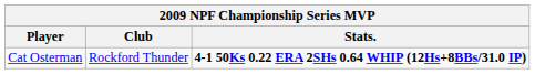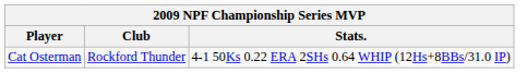 <table class="wikitable">
 <tr>
 <th colspan=3>2009 NPF Championship Series MVP</th>
 </tr>
 <tr>
 <th>Player</th>
 <th>Club</th>
 <th>Stats.</th>
 </tr>
 <tr>
 <td><a href='#'>Cat Osterman</a></td>
 <td><a href='#'>Rockford Thunder</a></td>
-<td><strong>4-1 50<a href='#'>Ks</a> 0.22 <a href='#'>ERA</a> 2<a href='#'>SHs</a> 0.64 <a href='#'>WHIP</a> (12<a href='#'>Hs</a>+8<a href='#'>BBs</a>/31.0 <a href='#'>IP</a>)</strong></td>
+<td>4-1 50<a href='#'>Ks</a> 0.22 <a href='#'>ERA</a> 2<a href='#'>SHs</a> 0.64 <a href='#'>WHIP</a> (12<a href='#'>Hs</a>+8<a href='#'>BBs</a>/31.0 <a href='#'>IP</a>)</td>
 </tr>
 </table>
